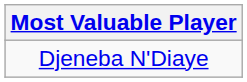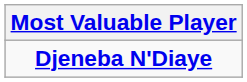 <table class=wikitable style="text-align:center; margin:auto">
 <tr>
 <th><a href='#'>Most Valuable Player</a></th>
 </tr>
 <tr>
-<td> <a href='#'>Djeneba N'Diaye</a></td>
+<td><strong> <a href='#'>Djeneba N'Diaye</a></strong></td>
 </tr>
 </table>
